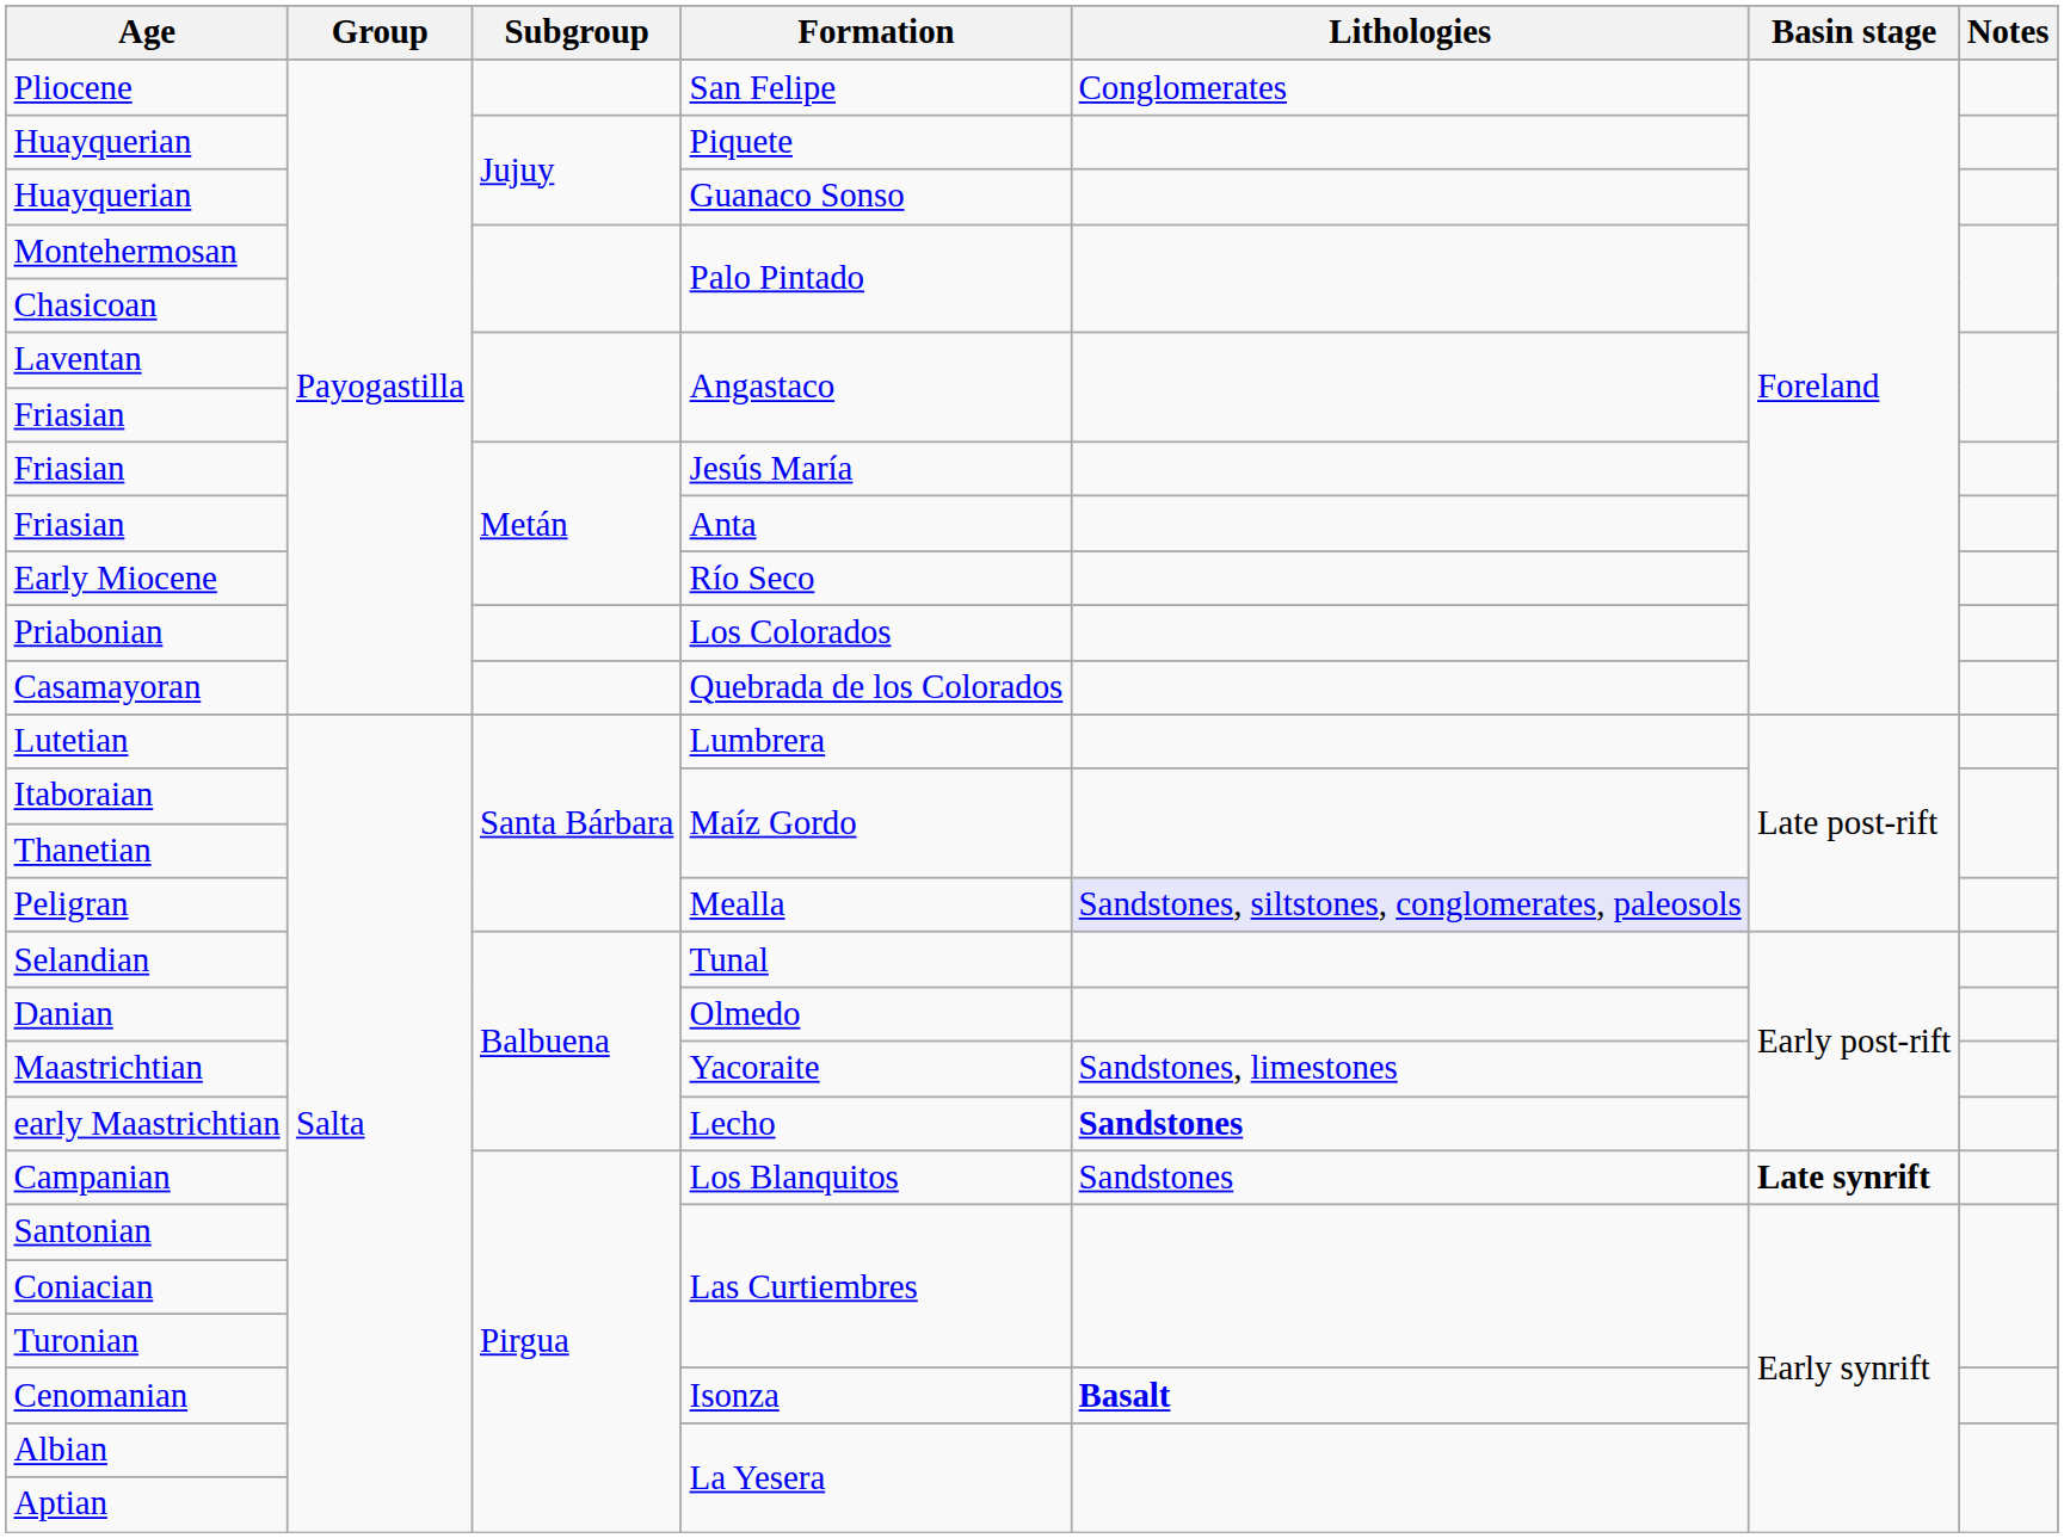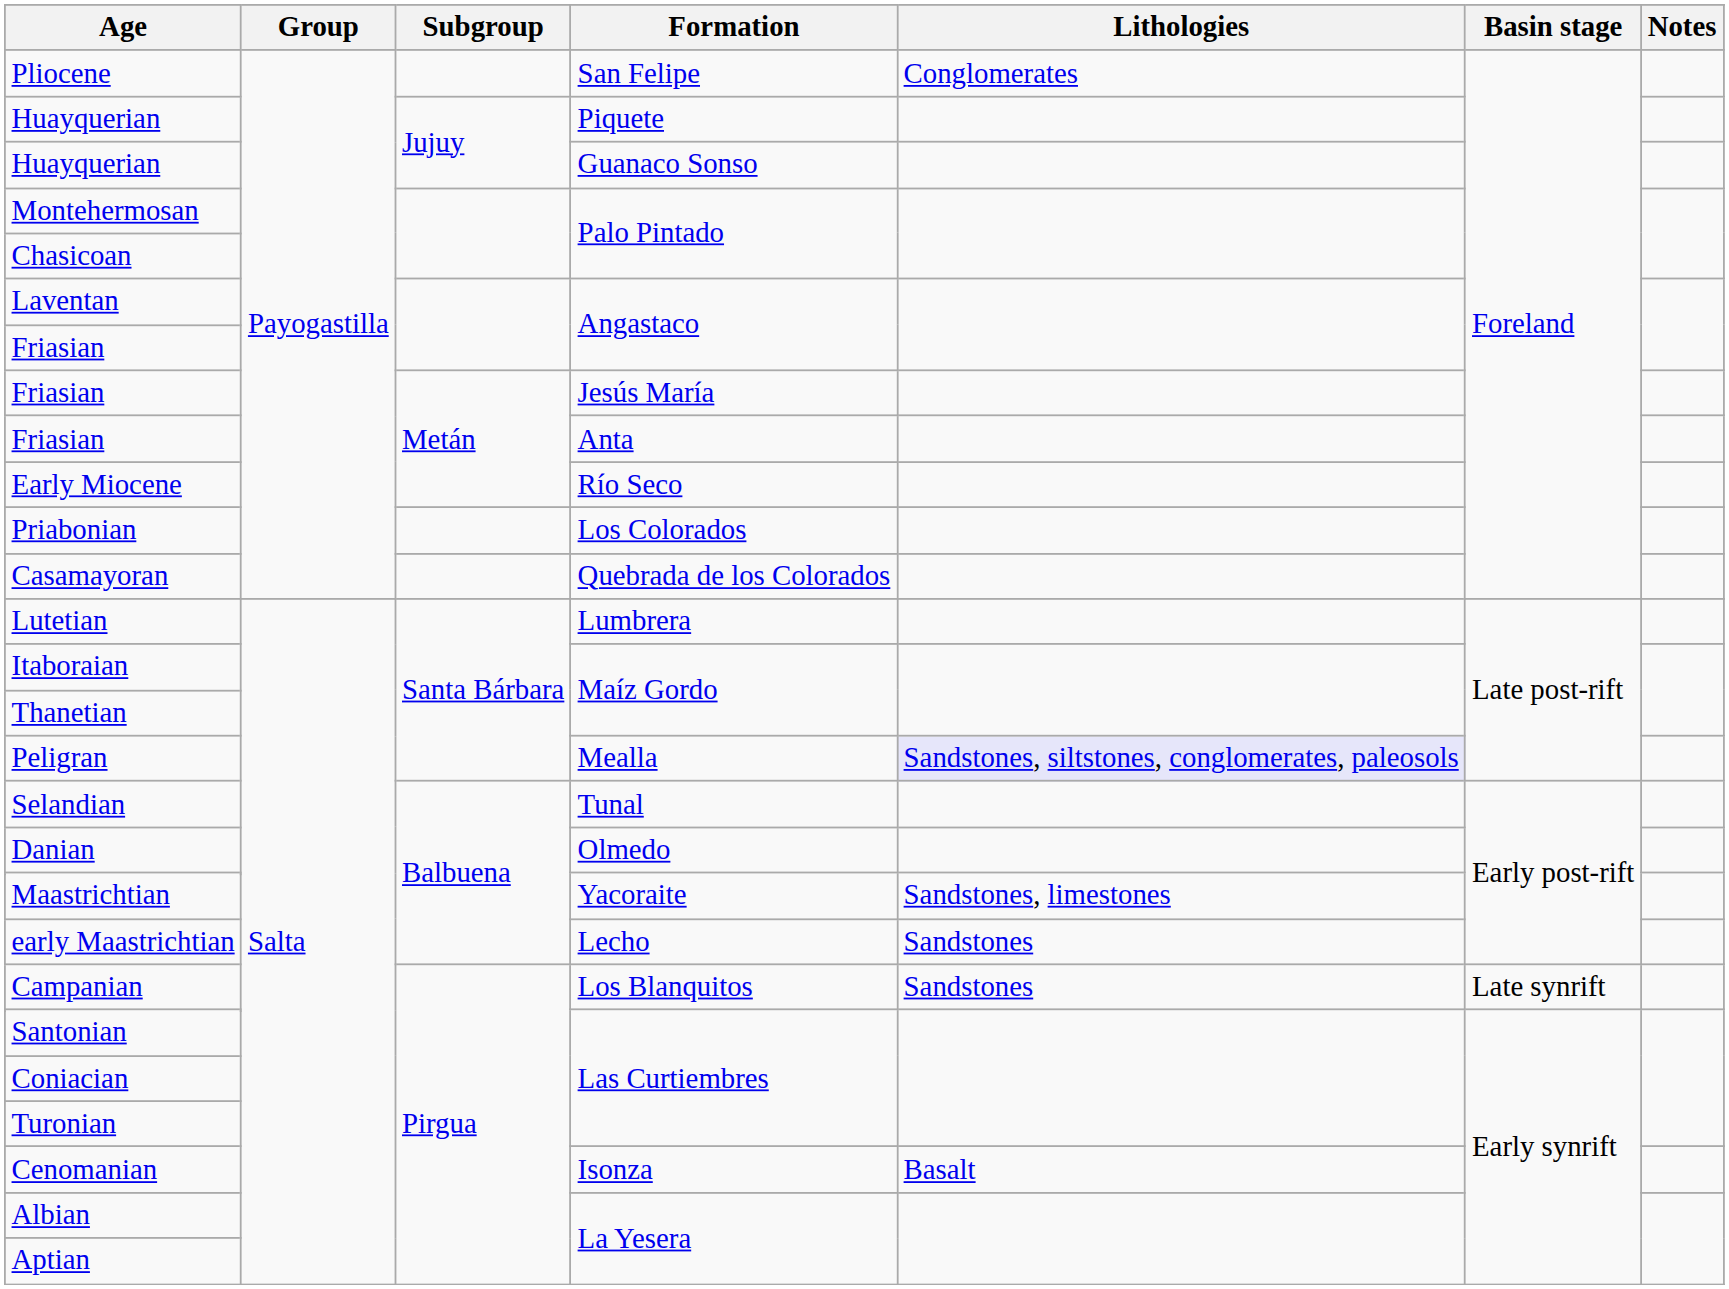 <table class="wikitable sortable">
 <tr>
 <th>Age</th>
 <th>Group</th>
 <th>Subgroup</th>
 <th>Formation</th>
 <th>Lithologies</th>
 <th>Basin stage</th>
 <th>Notes</th>
 </tr>
 <tr>
 <td style="background-color: "><a href='#'>Pliocene</a></td>
 <td rowspan=12><a href='#'>Payogastilla</a></td>
 <td></td>
 <td><a href='#'>San Felipe</a></td>
 <td><a href='#'>Conglomerates</a></td>
 <td rowspan=12><a href='#'>Foreland</a></td>
 <td align=center></td>
 </tr>
 <tr>
 <td style="background-color: "><a href='#'>Huayquerian</a></td>
 <td rowspan=2><a href='#'>Jujuy</a></td>
 <td><a href='#'>Piquete</a></td>
 <td></td>
 <td align=center></td>
 </tr>
 <tr>
 <td style="background-color: "><a href='#'>Huayquerian</a></td>
 <td><a href='#'>Guanaco Sonso</a></td>
 <td></td>
 <td align=center></td>
 </tr>
 <tr>
 <td style="background-color: "><a href='#'>Montehermosan</a></td>
 <td rowspan=2></td>
 <td rowspan=2><a href='#'>Palo Pintado</a></td>
 <td rowspan=2></td>
 <td rowspan=2 align=center></td>
 </tr>
 <tr>
 <td style="background-color: "><a href='#'>Chasicoan</a></td>
 </tr>
 <tr>
 <td style="background-color: "><a href='#'>Laventan</a></td>
 <td rowspan=2></td>
 <td rowspan=2><a href='#'>Angastaco</a></td>
 <td rowspan=2></td>
 <td rowspan=2 align=center></td>
 </tr>
 <tr>
 <td style="background-color: "><a href='#'>Friasian</a></td>
 </tr>
 <tr>
 <td style="background-color: "><a href='#'>Friasian</a></td>
 <td rowspan=3><a href='#'>Metán</a></td>
 <td><a href='#'>Jesús María</a></td>
 <td></td>
 <td align=center></td>
 </tr>
 <tr>
 <td style="background-color: "><a href='#'>Friasian</a></td>
 <td><a href='#'>Anta</a></td>
 <td></td>
 <td align=center></td>
 </tr>
 <tr>
 <td style="background-color: "><a href='#'>Early Miocene</a></td>
 <td><a href='#'>Río Seco</a></td>
 <td></td>
 <td align=center></td>
 </tr>
 <tr>
 <td style="background-color: "><a href='#'>Priabonian</a></td>
 <td></td>
 <td><a href='#'>Los Colorados</a></td>
 <td></td>
 <td align=center></td>
 </tr>
 <tr>
 <td rowspan=2 style="background-color: "><a href='#'>Casamayoran</a></td>
 <td></td>
 <td><a href='#'>Quebrada de los Colorados</a></td>
 <td></td>
 <td align=center></td>
 </tr>
 <tr>
 <td rowspan=18><a href='#'>Salta</a></td>
 <td rowspan=5><a href='#'>Santa Bárbara</a></td>
 <td rowspan=2><a href='#'>Lumbrera</a></td>
 <td rowspan=2></td>
 <td rowspan=5>Late post-rift</td>
 <td rowspan=2 align=center></td>
 </tr>
 <tr>
 <td style="background-color: "><a href='#'>Lutetian</a></td>
 </tr>
 <tr>
 <td style="background-color: "><a href='#'>Itaboraian</a></td>
 <td rowspan=2><a href='#'>Maíz Gordo</a></td>
 <td rowspan=2></td>
 <td rowspan=2 align=center></td>
 </tr>
 <tr>
 <td style="background-color: "><a href='#'>Thanetian</a></td>
 </tr>
 <tr>
 <td style="background-color: "><a href='#'>Peligran</a></td>
 <td><a href='#'>Mealla</a></td>
 <td style="background: lavender;"><a href='#'>Sandstones</a>, <a href='#'>siltstones</a>, <a href='#'>conglomerates</a>, <a href='#'>paleosols</a></td>
 <td align=center></td>
 </tr>
 <tr>
 <td style="background-color: "><a href='#'>Selandian</a></td>
 <td rowspan=5><a href='#'>Balbuena</a></td>
 <td><a href='#'>Tunal</a></td>
 <td></td>
 <td rowspan=5>Early post-rift</td>
 <td align=center></td>
 </tr>
 <tr>
 <td rowspan=2 style="background-color: "><a href='#'>Danian</a></td>
 <td><a href='#'>Olmedo</a></td>
 <td></td>
 <td align=center></td>
 </tr>
 <tr>
 <td rowspan=2><a href='#'>Yacoraite</a></td>
 <td rowspan=2><a href='#'>Sandstones</a>, <a href='#'>limestones</a></td>
 <td rowspan=2 align=center></td>
 </tr>
 <tr>
 <td style="background-color: "><a href='#'>Maastrichtian</a></td>
 </tr>
 <tr>
 <td style="background-color: "><a href='#'>early Maastrichtian</a></td>
 <td><a href='#'>Lecho</a></td>
-<td><strong><a href='#'>Sandstones</a></strong></td>
+<td><a href='#'>Sandstones</a></td>
 <td align=center></td>
 </tr>
 <tr>
 <td rowspan=2 style="background-color: "><a href='#'>Campanian</a></td>
 <td rowspan=8><a href='#'>Pirgua</a></td>
 <td><a href='#'>Los Blanquitos</a></td>
 <td><a href='#'>Sandstones</a></td>
-<td><strong>Late synrift</strong></td>
+<td>Late synrift</td>
 <td align=center></td>
 </tr>
 <tr>
 <td rowspan=4><a href='#'>Las Curtiembres</a></td>
 <td rowspan=4></td>
 <td rowspan=7>Early synrift</td>
 <td rowspan=4 align=center></td>
 </tr>
 <tr>
 <td style="background-color: "><a href='#'>Santonian</a></td>
 </tr>
 <tr>
 <td style="background-color: "><a href='#'>Coniacian</a></td>
 </tr>
 <tr>
 <td style="background-color: "><a href='#'>Turonian</a></td>
 </tr>
 <tr>
 <td style="background-color: "><a href='#'>Cenomanian</a></td>
 <td><a href='#'>Isonza</a></td>
-<td><strong><a href='#'>Basalt</a></strong></td>
+<td><a href='#'>Basalt</a></td>
 <td align=center></td>
 </tr>
 <tr>
 <td style="background-color: "><a href='#'>Albian</a></td>
 <td rowspan=2><a href='#'>La Yesera</a></td>
 <td rowspan=2></td>
 <td rowspan=2 align=center></td>
 </tr>
 <tr>
 <td style="background-color: "><a href='#'>Aptian</a></td>
 </tr>
 <tr>
 </tr>
 </table>
